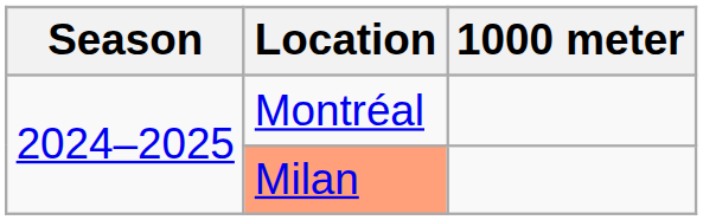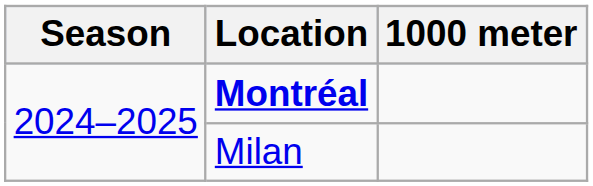 <table class="wikitable" style="display: inline-table;">
 <tr align="center" bgcolor="#b0c4de">
 <th>Season</th>
 <th>Location</th>
 <th>1000 meter</th>
 </tr>
 <tr>
 <td rowspan=2><a href='#'>2024–2025</a></td>
-<td> <a href='#'>Montréal</a></td>
+<td><strong> <a href='#'>Montréal</a></strong></td>
 <td style="text-align:center;"></td>
 </tr>
 <tr>
-<td style="background: lightsalmon;"> <a href='#'>Milan</a></td>
+<td> <a href='#'>Milan</a></td>
 <td style="text-align:center;"></td>
 </tr>
 </table>
